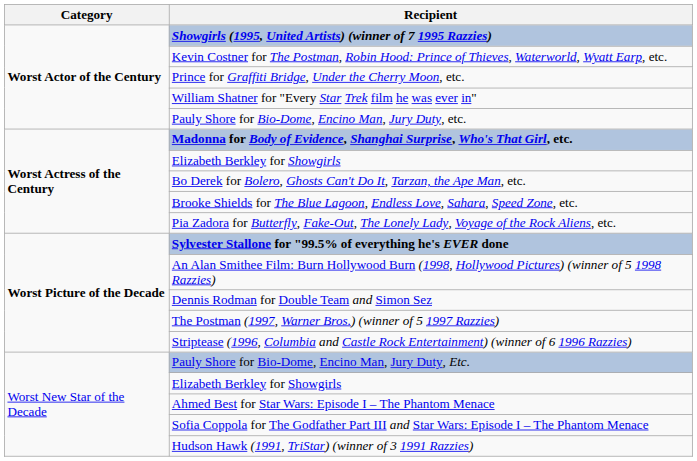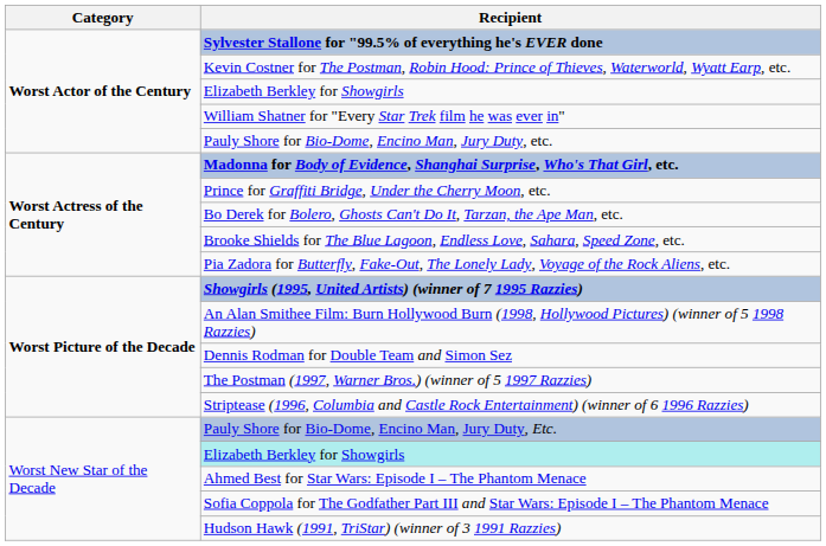 <table class="wikitable" width="95%" align="centre">
 <tr>
 <th>Category</th>
 <th>Recipient</th>
 </tr>
 <tr>
 <td rowspan=5><strong>Worst Actor of the Century</strong></td>
-<td style="background:#B0C4DE;"><strong><em><a href='#'>Showgirls</a><em> (<a href='#'>1995</a>, <a href='#'>United Artists</a>) (winner of 7 <a href='#'>1995 Razzies</a>)<strong></td>
+<td style="background:#B0C4DE;"><strong><a href='#'>Sylvester Stallone</a> for "99.5% of everything he's <em>EVER</em> done</strong></td>
 </tr>
 <tr>
 <td><a href='#'>Kevin Costner</a> for <em><a href='#'>The Postman</a></em>, <em><a href='#'>Robin Hood: Prince of Thieves</a></em>, <em><a href='#'>Waterworld</a></em>, <em><a href='#'>Wyatt Earp</a></em>, etc.</td>
 </tr>
 <tr>
-<td><a href='#'>Prince</a> for <em><a href='#'>Graffiti Bridge</a></em>, <em><a href='#'>Under the Cherry Moon</a></em>, etc.</td>
+<td><a href='#'>Elizabeth Berkley</a> for <em><a href='#'>Showgirls</a></em></td>
 </tr>
 <tr>
 <td><a href='#'>William Shatner</a> for "Every <em><a href='#'>Star</a></em> <em><a href='#'>Trek</a></em> <a href='#'>film</a> <a href='#'>he</a> <a href='#'>was</a> <a href='#'>ever</a> <a href='#'>in</a>"</td>
 </tr>
 <tr>
 <td><a href='#'>Pauly Shore</a> for <em><a href='#'>Bio-Dome</a></em>, <em><a href='#'>Encino Man</a></em>, <em><a href='#'>Jury Duty</a></em>, etc.</td>
 </tr>
 <tr>
 <td rowspan=5><strong>Worst Actress of the Century</strong></td>
 <td style="background:#B0C4DE;"><strong><a href='#'>Madonna</a> for <em><a href='#'>Body of Evidence</a></em>, <em><a href='#'>Shanghai Surprise</a></em>, <em><a href='#'>Who's That Girl</a></em>, etc.</strong></td>
 </tr>
 <tr>
-<td><a href='#'>Elizabeth Berkley</a> for <em><a href='#'>Showgirls</a></em></td>
+<td><a href='#'>Prince</a> for <em><a href='#'>Graffiti Bridge</a></em>, <em><a href='#'>Under the Cherry Moon</a></em>, etc.</td>
 </tr>
 <tr>
 <td><a href='#'>Bo Derek</a> for <em><a href='#'>Bolero</a></em>, <em><a href='#'>Ghosts Can't Do It</a></em>, <em><a href='#'>Tarzan, the Ape Man</a></em>, etc.</td>
 </tr>
 <tr>
 <td><a href='#'>Brooke Shields</a> for <em><a href='#'>The Blue Lagoon</a></em>, <em><a href='#'>Endless Love</a></em>, <em><a href='#'>Sahara</a></em>, <em><a href='#'>Speed Zone</a></em>, etc.</td>
 </tr>
 <tr>
 <td><a href='#'>Pia Zadora</a> for <em><a href='#'>Butterfly</a></em>, <em><a href='#'>Fake-Out</a></em>, <em><a href='#'>The Lonely Lady</a></em>, <em><a href='#'>Voyage of the Rock Aliens</a></em>, etc.</td>
 </tr>
 <tr>
 <td rowspan=5><strong>Worst Picture of the Decade</strong></td>
-<td style="background:#B0C4DE;"><strong><a href='#'>Sylvester Stallone</a> for "99.5% of everything he's <em>EVER</em> done</strong></td>
+<td style="background:#B0C4DE;"><strong><em><a href='#'>Showgirls</a><em> (<a href='#'>1995</a>, <a href='#'>United Artists</a>) (winner of 7 <a href='#'>1995 Razzies</a>)<strong></td>
 </tr>
 <tr>
 <td></em><a href='#'>An Alan Smithee Film: Burn Hollywood Burn</a><em> (<a href='#'>1998</a>, <a href='#'>Hollywood Pictures</a>) (winner of 5 <a href='#'>1998 Razzies</a>)</td>
 </tr>
 <tr>
 <td><a href='#'>Dennis Rodman</a> for </em><a href='#'>Double Team</a><em> and </em><a href='#'>Simon Sez</a><em></td>
 </tr>
 <tr>
 <td></em><a href='#'>The Postman</a><em> (<a href='#'>1997</a>, <a href='#'>Warner Bros.</a>) (winner of 5 <a href='#'>1997 Razzies</a>)</td>
 </tr>
 <tr>
 <td></em><a href='#'>Striptease</a><em> (<a href='#'>1996</a>, <a href='#'>Columbia</a> and <a href='#'>Castle Rock Entertainment</a>) (winner of 6 <a href='#'>1996 Razzies</a>)</td>
 </tr>
 <tr>
 <td rowspan=5></strong><a href='#'>Worst New Star of the Decade</a><strong></td>
 <td style="background:#B0C4DE;"></strong><a href='#'>Pauly Shore</a> for  </em><a href='#'>Bio-Dome</a><em>, </em><a href='#'>Encino Man</a><em>, </em><a href='#'>Jury Duty</a><em>, Etc.<strong></td>
 </tr>
 <tr>
-<td><a href='#'>Elizabeth Berkley</a> for </em><a href='#'>Showgirls</a><em></td>
+<td style="background: paleturquoise;"><a href='#'>Elizabeth Berkley</a> for </em><a href='#'>Showgirls</a><em></td>
 </tr>
 <tr>
 <td><a href='#'>Ahmed Best</a> for </em><a href='#'>Star Wars: Episode I – The Phantom Menace</a><em></td>
 </tr>
 <tr>
 <td><a href='#'>Sofia Coppola</a> for </em><a href='#'>The Godfather Part III</a><em> and </em><a href='#'>Star Wars: Episode I – The Phantom Menace</a><em></td>
 </tr>
 <tr>
 <td></em><a href='#'>Hudson Hawk</a><em> (<a href='#'>1991</a>, <a href='#'>TriStar</a>) (winner of 3 <a href='#'>1991 Razzies</a>)</td>
 </tr>
 </table>
